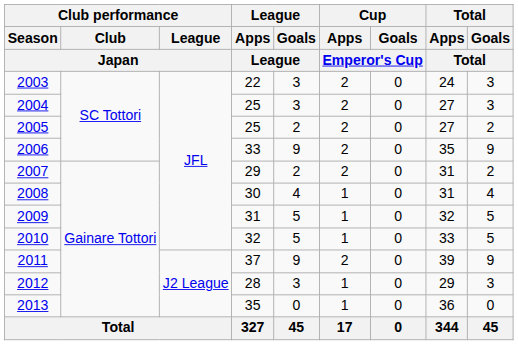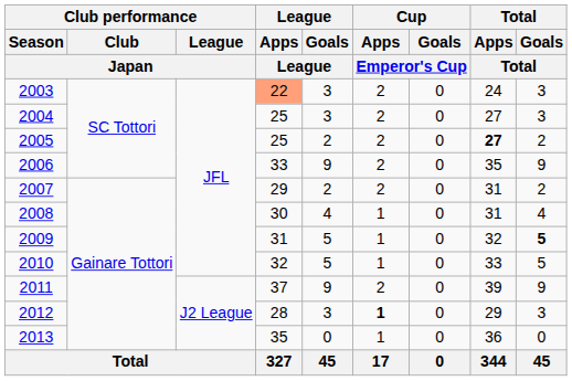 <table class="wikitable" style="text-align:center;">
 <tr>
 <th colspan=3>Club performance</th>
 <th colspan=2>League</th>
 <th colspan=2>Cup</th>
 <th colspan=2>Total</th>
 </tr>
 <tr>
 <th>Season</th>
 <th>Club</th>
 <th>League</th>
 <th>Apps</th>
 <th>Goals</th>
 <th>Apps</th>
 <th>Goals</th>
 <th>Apps</th>
 <th>Goals</th>
 </tr>
 <tr>
 <th colspan=3>Japan</th>
 <th colspan=2>League</th>
 <th colspan=2><a href='#'>Emperor's Cup</a></th>
 <th colspan=2>Total</th>
 </tr>
 <tr>
 <td><a href='#'>2003</a></td>
 <td rowspan="4"><a href='#'>SC Tottori</a></td>
 <td rowspan="8"><a href='#'>JFL</a></td>
-<td>22</td>
+<td style="background: lightsalmon;">22</td>
 <td>3</td>
 <td>2</td>
 <td>0</td>
 <td>24</td>
 <td>3</td>
 </tr>
 <tr>
 <td><a href='#'>2004</a></td>
 <td>25</td>
 <td>3</td>
 <td>2</td>
 <td>0</td>
 <td>27</td>
 <td>3</td>
 </tr>
 <tr>
 <td><a href='#'>2005</a></td>
 <td>25</td>
 <td>2</td>
 <td>2</td>
 <td>0</td>
-<td>27</td>
+<td><strong>27</strong></td>
 <td>2</td>
 </tr>
 <tr>
 <td><a href='#'>2006</a></td>
 <td>33</td>
 <td>9</td>
 <td>2</td>
 <td>0</td>
 <td>35</td>
 <td>9</td>
 </tr>
 <tr>
 <td><a href='#'>2007</a></td>
 <td rowspan="7"><a href='#'>Gainare Tottori</a></td>
 <td>29</td>
 <td>2</td>
 <td>2</td>
 <td>0</td>
 <td>31</td>
 <td>2</td>
 </tr>
 <tr>
 <td><a href='#'>2008</a></td>
 <td>30</td>
 <td>4</td>
 <td>1</td>
 <td>0</td>
 <td>31</td>
 <td>4</td>
 </tr>
 <tr>
 <td><a href='#'>2009</a></td>
 <td>31</td>
 <td>5</td>
 <td>1</td>
 <td>0</td>
 <td>32</td>
-<td>5</td>
+<td><strong>5</strong></td>
 </tr>
 <tr>
 <td><a href='#'>2010</a></td>
 <td>32</td>
 <td>5</td>
 <td>1</td>
 <td>0</td>
 <td>33</td>
 <td>5</td>
 </tr>
 <tr>
 <td><a href='#'>2011</a></td>
 <td rowspan="3"><a href='#'>J2 League</a></td>
 <td>37</td>
 <td>9</td>
 <td>2</td>
 <td>0</td>
 <td>39</td>
 <td>9</td>
 </tr>
 <tr>
 <td><a href='#'>2012</a></td>
 <td>28</td>
 <td>3</td>
-<td>1</td>
+<td><strong>1</strong></td>
 <td>0</td>
 <td>29</td>
 <td>3</td>
 </tr>
 <tr>
 <td><a href='#'>2013</a></td>
 <td>35</td>
 <td>0</td>
 <td>1</td>
 <td>0</td>
 <td>36</td>
 <td>0</td>
 </tr>
 <tr>
 <th colspan=3>Total</th>
 <th>327</th>
 <th>45</th>
 <th>17</th>
 <th>0</th>
 <th>344</th>
 <th>45</th>
 </tr>
 </table>
